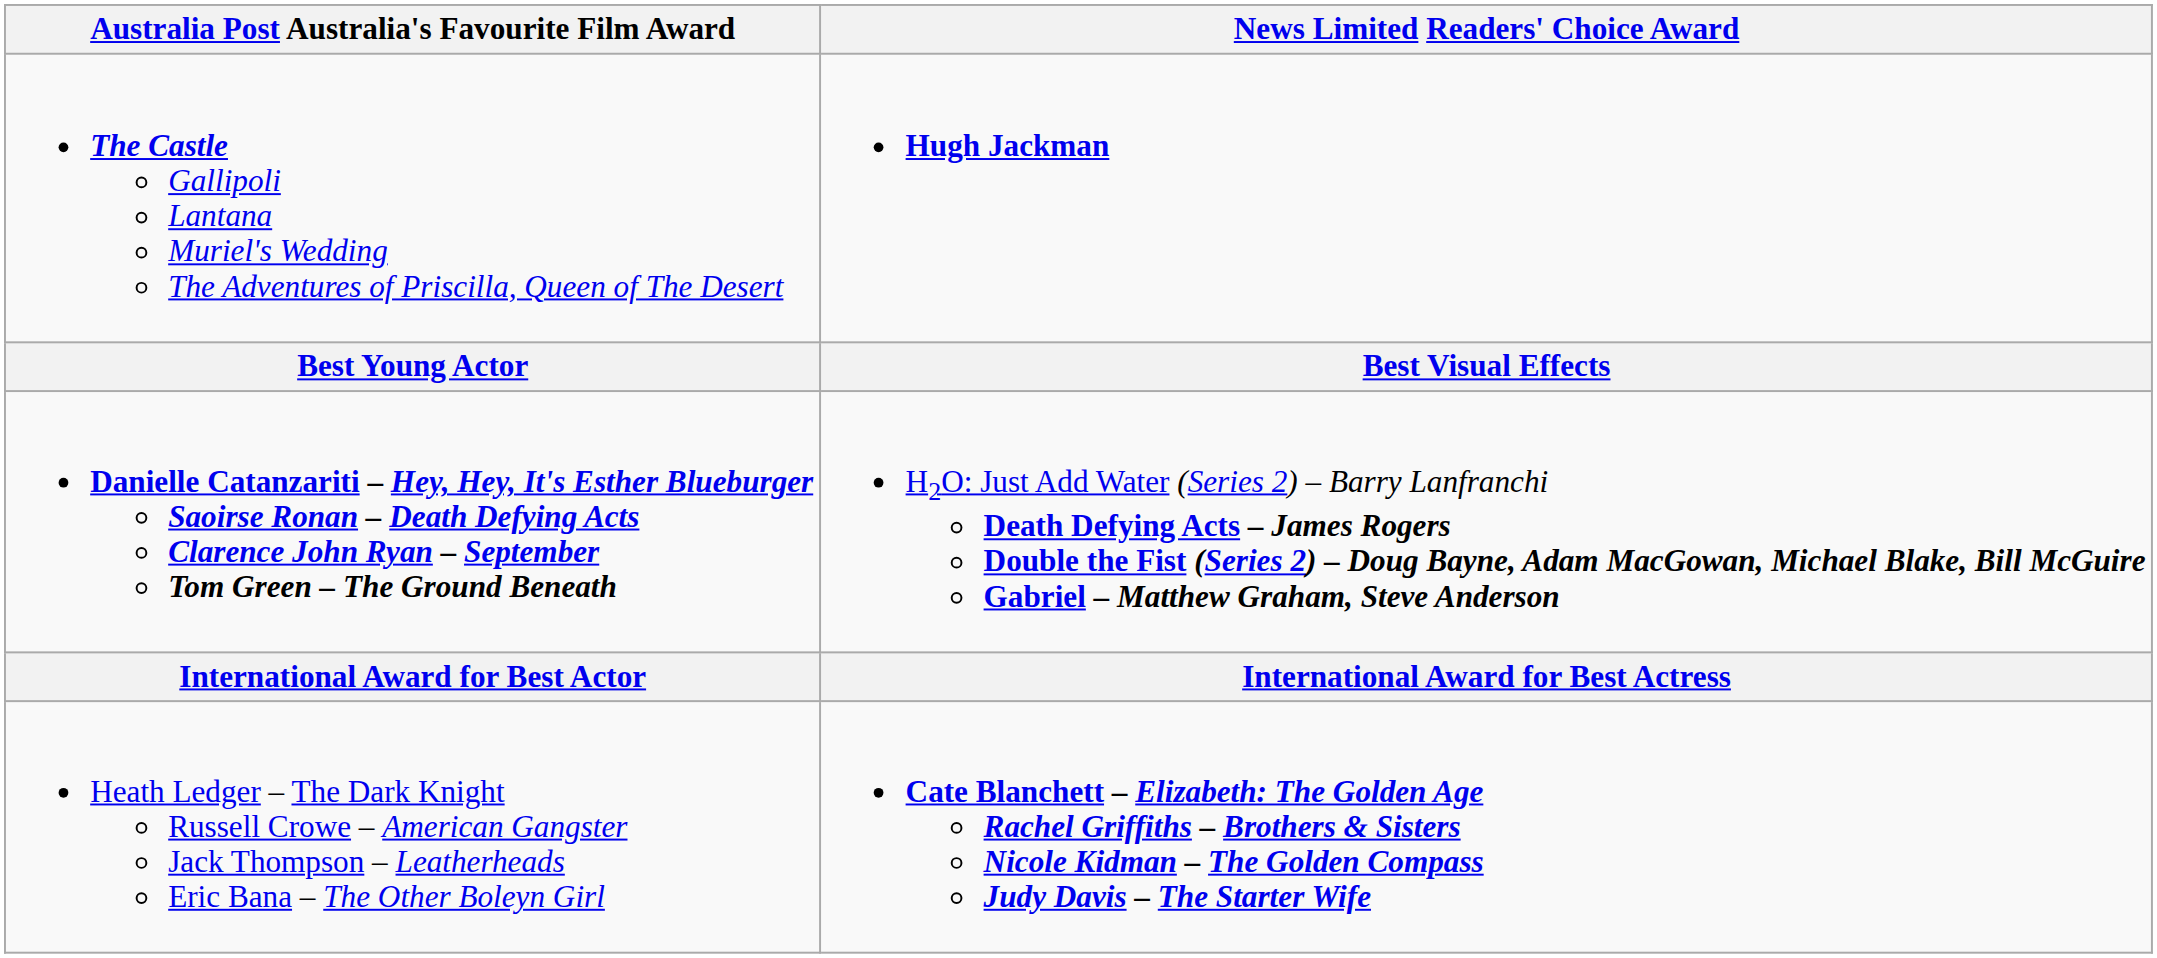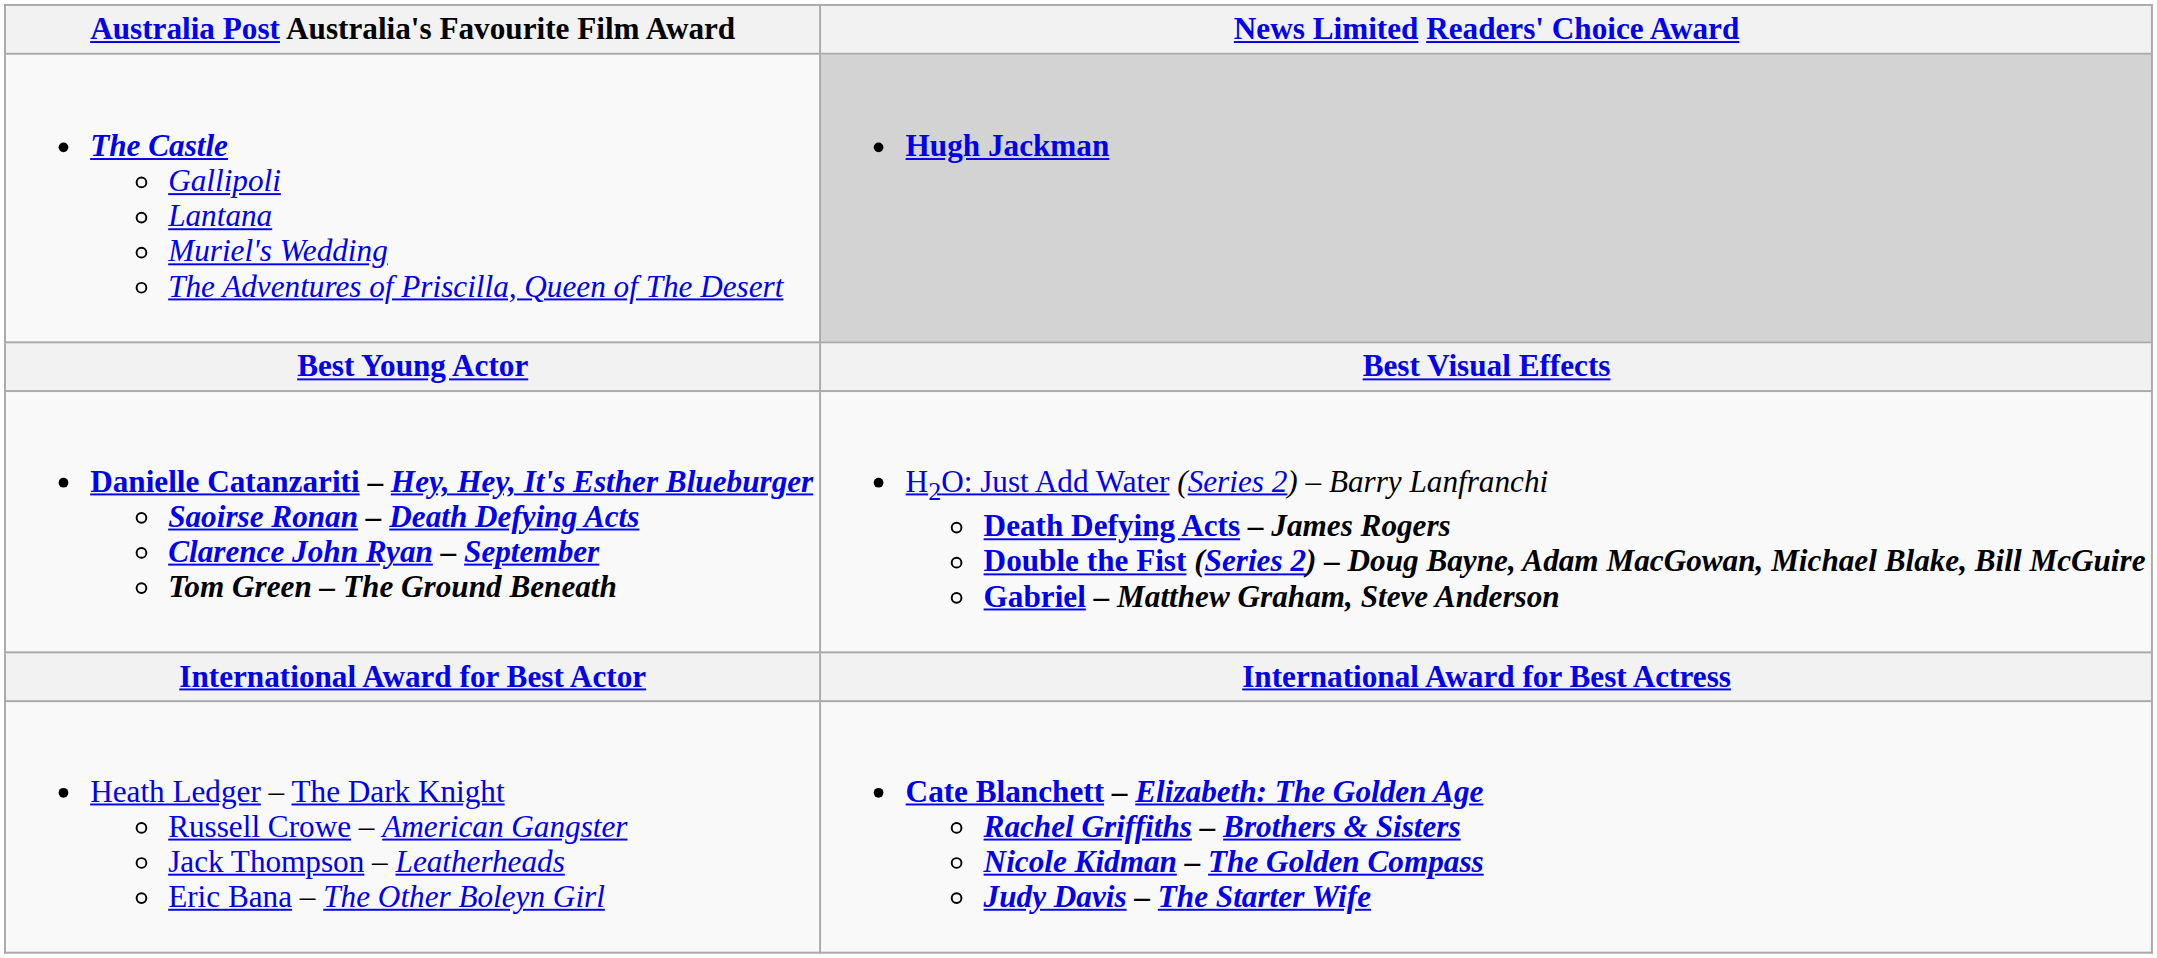 <table class="wikitable">
 <tr>
 <th><strong><a href='#'>Australia Post</a> Australia's Favourite Film Award</strong></th>
 <th><strong><a href='#'>News Limited</a> <a href='#'>Readers' Choice Award</a></strong></th>
 </tr>
 <tr>
 <td><br><ul><li><strong><em><a href='#'>The Castle</a></em></strong><ul><li><em><a href='#'>Gallipoli</a></em></li><li><em><a href='#'>Lantana</a></em></li><li><em><a href='#'>Muriel's Wedding</a></em></li><li><em><a href='#'>The Adventures of Priscilla, Queen of The Desert</a></em></li></ul></li></ul></td>
-<td valign="top"><br><ul><li><strong><a href='#'>Hugh Jackman</a></strong></li></ul></td>
+<td valign="top" style="background: lightgrey;"><br><ul><li><strong><a href='#'>Hugh Jackman</a></strong></li></ul></td>
 </tr>
 <tr>
 <th><a href='#'>Best Young Actor</a></th>
 <th><a href='#'>Best Visual Effects</a></th>
 </tr>
 <tr>
 <td valign="top"><br><ul><li><strong><a href='#'>Danielle Catanzariti</a> – <em><a href='#'>Hey, Hey, It's Esther Blueburger</a><strong><em><ul><li><a href='#'>Saoirse Ronan</a> – </em><a href='#'>Death Defying Acts</a><em></li><li><a href='#'>Clarence John Ryan</a> – </em><a href='#'>September</a><em></li><li>Tom Green – </em>The Ground Beneath<em></li></ul></li></ul></td>
 <td valign="top"><br><ul><li></em><a href='#'></strong>H<sub>2</sub>O: Just Add Water<strong></a><em> </strong>(<a href='#'>Series 2</a>) – Barry Lanfranchi<strong><ul><li></em><a href='#'>Death Defying Acts</a><em> – James Rogers</li><li></em><a href='#'>Double the Fist</a><em> (<a href='#'>Series 2</a>) – Doug Bayne, Adam MacGowan, Michael Blake, Bill McGuire</li><li></em><a href='#'>Gabriel</a><em> – Matthew Graham, Steve Anderson</li></ul></li></ul></td>
 </tr>
 <tr>
 <th></strong><a href='#'>International Award for Best Actor</a><strong></th>
 <th></strong><a href='#'>International Award for Best Actress</a><strong></th>
 </tr>
 <tr>
 <td><br><ul><li></strong><a href='#'>Heath Ledger</a> – </em><a href='#'>The Dark Knight</a></em></strong><ul><li><a href='#'>Russell Crowe</a> – <em><a href='#'>American Gangster</a></em></li><li><a href='#'>Jack Thompson</a> – <em><a href='#'>Leatherheads</a></em></li><li><a href='#'>Eric Bana</a> – <em><a href='#'>The Other Boleyn Girl</a></em></li></ul></li></ul></td>
 <td valign="top"><br><ul><li><strong><a href='#'>Cate Blanchett</a> – <em><a href='#'>Elizabeth: The Golden Age</a><strong><em><ul><li><a href='#'>Rachel Griffiths</a> – </em><a href='#'>Brothers & Sisters</a><em></li><li><a href='#'>Nicole Kidman</a> – </em><a href='#'>The Golden Compass</a><em></li><li><a href='#'>Judy Davis</a> – </em><a href='#'>The Starter Wife</a><em></li></ul></li></ul></td>
 </tr>
 </table>
